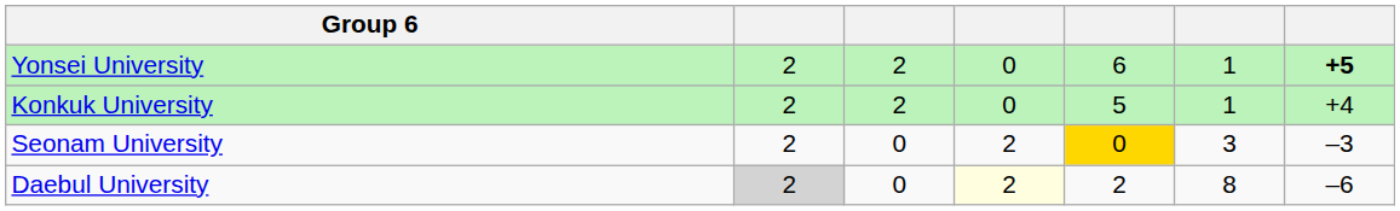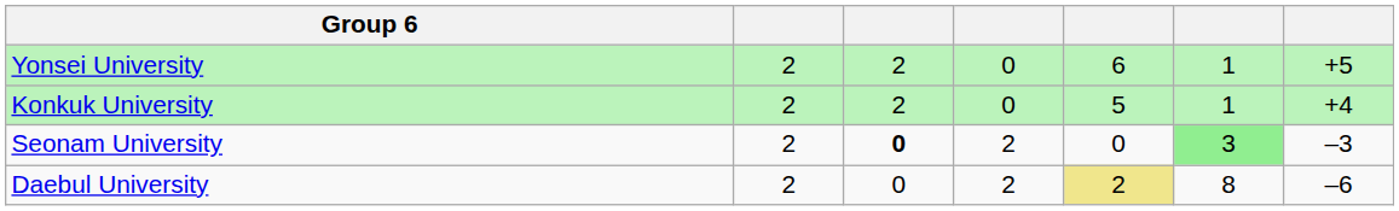 <table class="wikitable" style="text-align:center; width:100%;">
 <tr>
 <th width=240>Group 6</th>
 <th width=30></th>
 <th width=30></th>
 <th width=30></th>
 <th width=30></th>
 <th width=30></th>
 <th width=30></th>
 </tr>
 <tr bgcolor=#BBF3BB>
 <td align=left><a href='#'>Yonsei University</a></td>
 <td>2</td>
 <td>2</td>
 <td>0</td>
 <td>6</td>
 <td>1</td>
-<td><strong>+5</strong></td>
+<td>+5</td>
 </tr>
 <tr bgcolor=#BBF3BB>
 <td align=left><a href='#'>Konkuk University</a></td>
 <td>2</td>
 <td>2</td>
 <td>0</td>
 <td>5</td>
 <td>1</td>
 <td>+4</td>
 </tr>
 <tr>
 <td align=left><a href='#'>Seonam University</a></td>
 <td>2</td>
+<td><strong>0</strong></td>
+<td>2</td>
 <td>0</td>
-<td>2</td>
-<td style="background: gold;">0</td>
-<td>3</td>
+<td style="background: lightgreen;">3</td>
 <td>–3</td>
 </tr>
 <tr>
 <td align=left><a href='#'>Daebul University</a></td>
-<td style="background: lightgrey;">2</td>
+<td>2</td>
 <td>0</td>
-<td style="background: lightyellow;">2</td>
 <td>2</td>
+<td style="background: khaki;">2</td>
 <td>8</td>
 <td>–6</td>
 </tr>
 </table>
